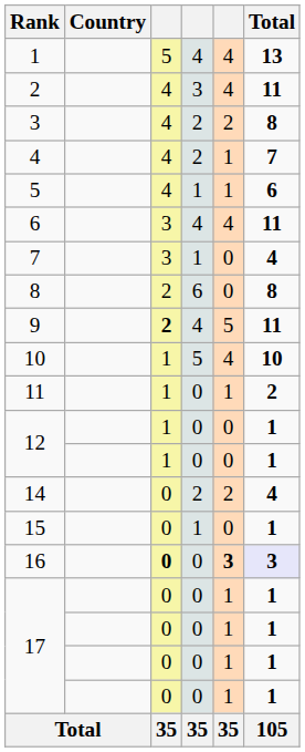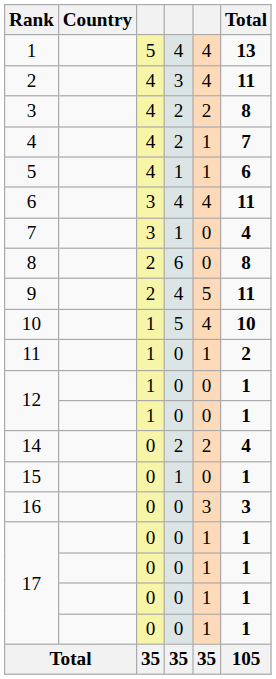 <table class="wikitable sortable" style="text-align: left;">
 <tr>
 <th>Rank</th>
 <th>Country</th>
 <th></th>
 <th></th>
 <th></th>
 <th>Total</th>
 </tr>
 <tr>
 <td align="center">1</td>
 <td></td>
 <td align="center" style="background:#F7F6A8;">5</td>
 <td align="center" style="background:#DCE5E5;">4</td>
 <td align="center" style="background:#FFDAB9;">4</td>
 <td align="center"><strong>13</strong></td>
 </tr>
 <tr>
 <td align="center">2</td>
 <td></td>
 <td align="center" style="background:#F7F6A8;">4</td>
 <td align="center" style="background:#DCE5E5;">3</td>
 <td align="center" style="background:#FFDAB9;">4</td>
 <td align="center"><strong>11</strong></td>
 </tr>
 <tr>
 <td align="center">3</td>
 <td></td>
 <td align="center" style="background:#F7F6A8;">4</td>
 <td align="center" style="background:#DCE5E5;">2</td>
 <td align="center" style="background:#FFDAB9;">2</td>
 <td align="center"><strong>8</strong></td>
 </tr>
 <tr>
 <td align="center">4</td>
 <td></td>
 <td align="center" style="background:#F7F6A8;">4</td>
 <td align="center" style="background:#DCE5E5;">2</td>
 <td align="center" style="background:#FFDAB9;">1</td>
 <td align="center"><strong>7</strong></td>
 </tr>
 <tr>
 <td align="center">5</td>
 <td></td>
 <td align="center" style="background:#F7F6A8;">4</td>
 <td align="center" style="background:#DCE5E5;">1</td>
 <td align="center" style="background:#FFDAB9;">1</td>
 <td align="center"><strong>6</strong></td>
 </tr>
 <tr>
 <td align="center">6</td>
 <td></td>
 <td align="center" style="background:#F7F6A8;">3</td>
 <td align="center" style="background:#DCE5E5;">4</td>
 <td align="center" style="background:#FFDAB9;">4</td>
 <td align="center"><strong>11</strong></td>
 </tr>
 <tr>
 <td align="center">7</td>
 <td></td>
 <td align="center" style="background:#F7F6A8;">3</td>
 <td align="center" style="background:#DCE5E5;">1</td>
 <td align="center" style="background:#FFDAB9;">0</td>
 <td align="center"><strong>4</strong></td>
 </tr>
 <tr>
 <td align="center">8</td>
 <td></td>
 <td align="center" style="background:#F7F6A8;">2</td>
 <td align="center" style="background:#DCE5E5;">6</td>
 <td align="center" style="background:#FFDAB9;">0</td>
 <td align="center"><strong>8</strong></td>
 </tr>
 <tr>
 <td align="center">9</td>
 <td></td>
-<td align="center" style="background:#F7F6A8;"><strong>2</strong></td>
+<td align="center" style="background:#F7F6A8;">2</td>
 <td align="center" style="background:#DCE5E5;">4</td>
 <td align="center" style="background:#FFDAB9;">5</td>
 <td align="center"><strong>11</strong></td>
 </tr>
 <tr>
 <td align="center">10</td>
 <td></td>
 <td align="center" style="background:#F7F6A8;">1</td>
 <td align="center" style="background:#DCE5E5;">5</td>
 <td align="center" style="background:#FFDAB9;">4</td>
 <td align="center"><strong>10</strong></td>
 </tr>
 <tr>
 <td align="center">11</td>
 <td></td>
 <td align="center" style="background:#F7F6A8;">1</td>
 <td align="center" style="background:#DCE5E5;">0</td>
 <td align="center" style="background:#FFDAB9;">1</td>
 <td align="center"><strong>2</strong></td>
 </tr>
 <tr>
 <td align="center" rowspan=2>12</td>
 <td></td>
 <td align="center" style="background:#F7F6A8;">1</td>
 <td align="center" style="background:#DCE5E5;">0</td>
 <td align="center" style="background:#FFDAB9;">0</td>
 <td align="center"><strong>1</strong></td>
 </tr>
 <tr>
 <td></td>
 <td align="center" style="background:#F7F6A8;">1</td>
 <td align="center" style="background:#DCE5E5;">0</td>
 <td align="center" style="background:#FFDAB9;">0</td>
 <td align="center"><strong>1</strong></td>
 </tr>
 <tr>
 <td align="center">14</td>
 <td></td>
 <td align="center" style="background:#F7F6A8;">0</td>
 <td align="center" style="background:#DCE5E5;">2</td>
 <td align="center" style="background:#FFDAB9;">2</td>
 <td align="center"><strong>4</strong></td>
 </tr>
 <tr>
 <td align="center">15</td>
 <td></td>
 <td align="center" style="background:#F7F6A8;">0</td>
 <td align="center" style="background:#DCE5E5;">1</td>
 <td align="center" style="background:#FFDAB9;">0</td>
 <td align="center"><strong>1</strong></td>
 </tr>
 <tr>
 <td align="center">16</td>
 <td></td>
-<td align="center" style="background:#F7F6A8;"><strong>0</strong></td>
+<td align="center" style="background:#F7F6A8;">0</td>
 <td align="center" style="background:#DCE5E5;">0</td>
-<td align="center" style="background:#FFDAB9;"><strong>3</strong></td>
-<td align="center" style="background: lavender;"><strong>3</strong></td>
+<td align="center" style="background:#FFDAB9;">3</td>
+<td align="center"><strong>3</strong></td>
 </tr>
 <tr>
 <td align="center" rowspan=4>17</td>
 <td></td>
 <td align="center" style="background:#F7F6A8;">0</td>
 <td align="center" style="background:#DCE5E5;">0</td>
 <td align="center" style="background:#FFDAB9;">1</td>
 <td align="center"><strong>1</strong></td>
 </tr>
 <tr>
 <td></td>
 <td align="center" style="background:#F7F6A8;">0</td>
 <td align="center" style="background:#DCE5E5;">0</td>
 <td align="center" style="background:#FFDAB9;">1</td>
 <td align="center"><strong>1</strong></td>
 </tr>
 <tr>
 <td></td>
 <td align="center" style="background:#F7F6A8;">0</td>
 <td align="center" style="background:#DCE5E5;">0</td>
 <td align="center" style="background:#FFDAB9;">1</td>
 <td align="center"><strong>1</strong></td>
 </tr>
 <tr>
 <td></td>
 <td align="center" style="background:#F7F6A8;">0</td>
 <td align="center" style="background:#DCE5E5;">0</td>
 <td align="center" style="background:#FFDAB9;">1</td>
 <td align="center"><strong>1</strong></td>
 </tr>
 <tr class="sortbottom">
 <th colspan=2>Total</th>
 <th>35</th>
 <th>35</th>
 <th>35</th>
 <th>105</th>
 </tr>
 </table>
